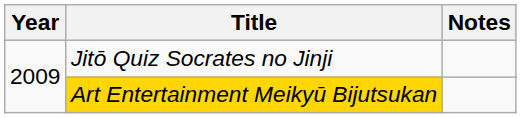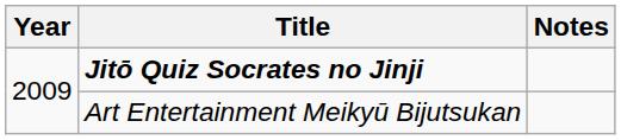 <table class="wikitable">
 <tr>
 <th>Year</th>
 <th>Title</th>
 <th>Notes</th>
 </tr>
 <tr>
 <td rowspan="2">2009</td>
-<td><em>Jitō Quiz Socrates no Jinji</em></td>
+<td><strong><em>Jitō Quiz Socrates no Jinji</em></strong></td>
 <td></td>
 </tr>
 <tr>
-<td style="background: gold;"><em>Art Entertainment Meikyū Bijutsukan</em></td>
+<td><em>Art Entertainment Meikyū Bijutsukan</em></td>
 <td></td>
 </tr>
 </table>
